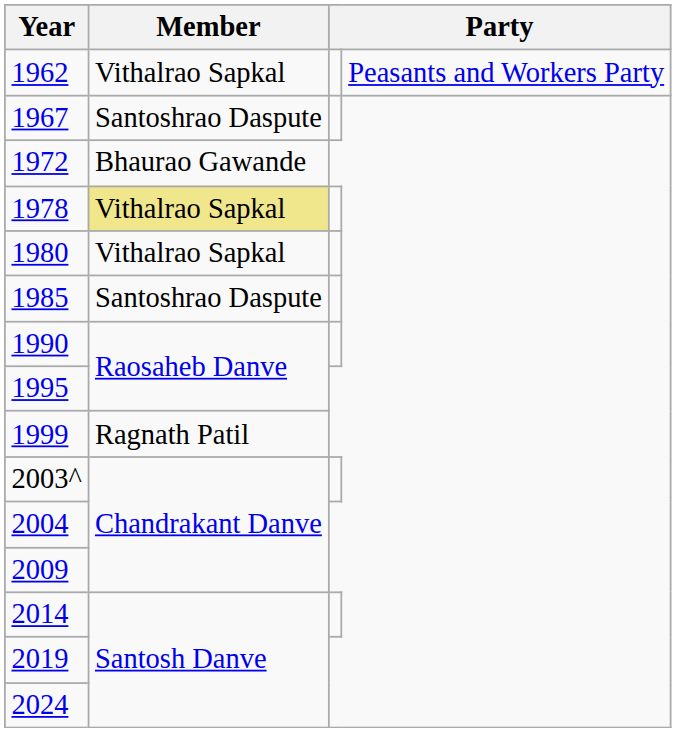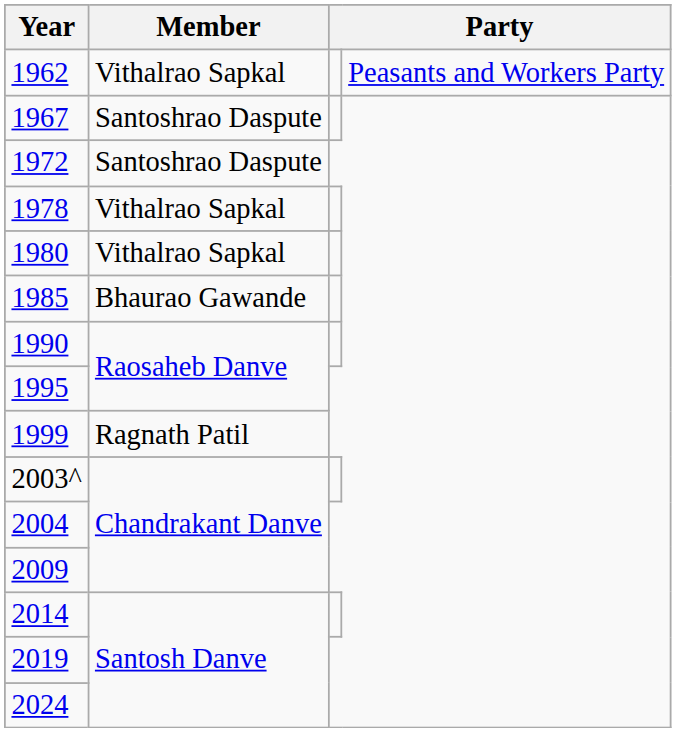 <table class="wikitable">
 <tr>
 <th>Year</th>
 <th>Member</th>
 <th colspan="2">Party</th>
 </tr>
 <tr>
 <td><a href='#'>1962</a></td>
 <td>Vithalrao Sapkal</td>
 <td style="background-color :"></td>
 <td><a href='#'>Peasants and Workers Party</a></td>
 </tr>
 <tr>
 <td><a href='#'>1967</a></td>
 <td>Santoshrao Daspute</td>
 <td></td>
 </tr>
 <tr>
 <td><a href='#'>1972</a></td>
-<td>Bhaurao Gawande</td>
+<td>Santoshrao Daspute</td>
 </tr>
 <tr>
 <td><a href='#'>1978</a></td>
-<td style="background: khaki;">Vithalrao Sapkal</td>
+<td>Vithalrao Sapkal</td>
 <td></td>
 </tr>
 <tr>
 <td><a href='#'>1980</a></td>
 <td>Vithalrao Sapkal</td>
 <td></td>
 </tr>
 <tr>
 <td><a href='#'>1985</a></td>
-<td>Santoshrao Daspute</td>
+<td>Bhaurao Gawande</td>
 <td></td>
 </tr>
 <tr>
 <td><a href='#'>1990</a></td>
 <td rowspan="2"><a href='#'>Raosaheb Danve</a></td>
 <td></td>
 </tr>
 <tr>
 <td><a href='#'>1995</a></td>
 </tr>
 <tr>
 <td><a href='#'>1999</a></td>
 <td>Ragnath Patil</td>
 </tr>
 <tr>
 <td>2003^</td>
 <td rowspan=3><a href='#'>Chandrakant Danve</a></td>
 <td></td>
 </tr>
 <tr>
 <td><a href='#'>2004</a></td>
 </tr>
 <tr>
 <td><a href='#'>2009</a></td>
 </tr>
 <tr>
 <td><a href='#'>2014</a></td>
 <td Rowspan=3><a href='#'>Santosh Danve</a></td>
 <td></td>
 </tr>
 <tr>
 <td><a href='#'>2019</a></td>
 </tr>
 <tr>
 <td><a href='#'>2024</a></td>
 </tr>
 </table>
